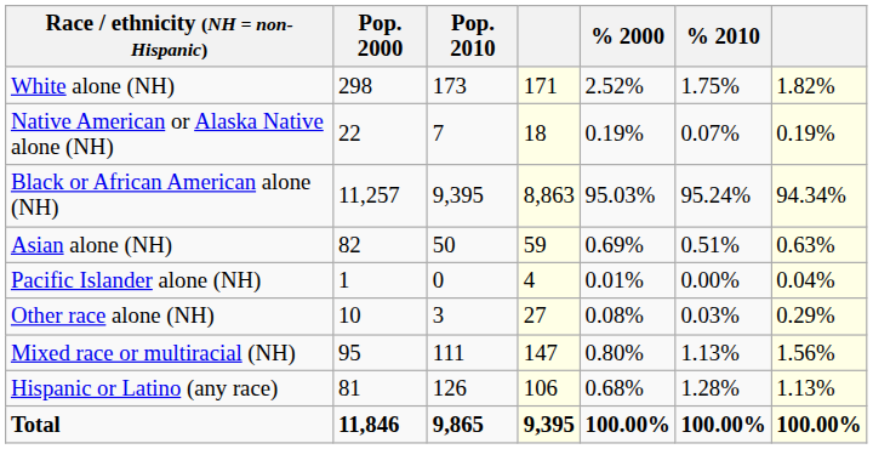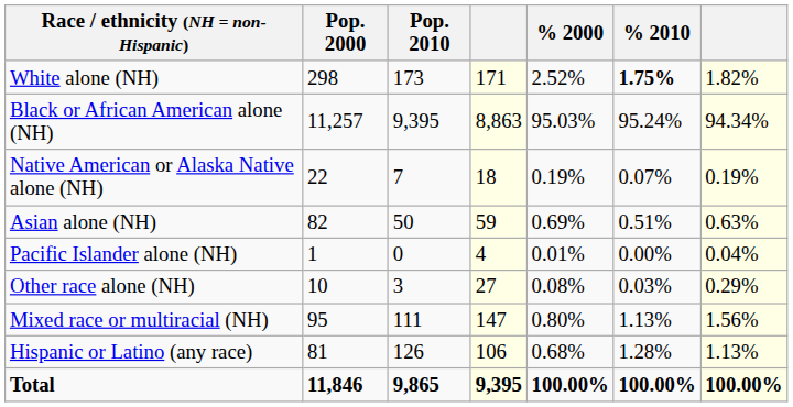 <table class="wikitable">
 <tr>
 <th>Race / ethnicity <small>(<em>NH = non-Hispanic</em>)</small></th>
 <th>Pop. 2000</th>
 <th>Pop. 2010</th>
 <th></th>
 <th>% 2000</th>
 <th>% 2010</th>
 <th></th>
 </tr>
 <tr>
 <td><a href='#'>White</a> alone (NH)</td>
 <td>298</td>
 <td>173</td>
 <td style='background: #ffffe6;'>171</td>
 <td>2.52%</td>
-<td>1.75%</td>
+<td><strong>1.75%</strong></td>
 <td style='background: #ffffe6;'>1.82%</td>
+</tr>
+<tr>
+<td><a href='#'>Black or African American</a> alone (NH)</td>
+<td>11,257</td>
+<td>9,395</td>
+<td style='background: #ffffe6;'>8,863</td>
+<td>95.03%</td>
+<td>95.24%</td>
+<td style='background: #ffffe6;'>94.34%</td>
 </tr>
 <tr>
 <td><a href='#'>Native American</a> or <a href='#'>Alaska Native</a> alone (NH)</td>
 <td>22</td>
 <td>7</td>
 <td style='background: #ffffe6;'>18</td>
 <td>0.19%</td>
 <td>0.07%</td>
 <td style='background: #ffffe6;'>0.19%</td>
-</tr>
-<tr>
-<td><a href='#'>Black or African American</a> alone (NH)</td>
-<td>11,257</td>
-<td>9,395</td>
-<td style='background: #ffffe6;'>8,863</td>
-<td>95.03%</td>
-<td>95.24%</td>
-<td style='background: #ffffe6;'>94.34%</td>
 </tr>
 <tr>
 <td><a href='#'>Asian</a> alone (NH)</td>
 <td>82</td>
 <td>50</td>
 <td style='background: #ffffe6;'>59</td>
 <td>0.69%</td>
 <td>0.51%</td>
 <td style='background: #ffffe6;'>0.63%</td>
 </tr>
 <tr>
 <td><a href='#'>Pacific Islander</a> alone (NH)</td>
 <td>1</td>
 <td>0</td>
 <td style='background: #ffffe6;'>4</td>
 <td>0.01%</td>
 <td>0.00%</td>
 <td style='background: #ffffe6;'>0.04%</td>
 </tr>
 <tr>
 <td><a href='#'>Other race</a> alone (NH)</td>
 <td>10</td>
 <td>3</td>
 <td style='background: #ffffe6;'>27</td>
 <td>0.08%</td>
 <td>0.03%</td>
 <td style='background: #ffffe6;'>0.29%</td>
 </tr>
 <tr>
 <td><a href='#'>Mixed race or multiracial</a> (NH)</td>
 <td>95</td>
 <td>111</td>
 <td style='background: #ffffe6;'>147</td>
 <td>0.80%</td>
 <td>1.13%</td>
 <td style='background: #ffffe6;'>1.56%</td>
 </tr>
 <tr>
 <td><a href='#'>Hispanic or Latino</a> (any race)</td>
 <td>81</td>
 <td>126</td>
 <td style='background: #ffffe6;'>106</td>
 <td>0.68%</td>
 <td>1.28%</td>
 <td style='background: #ffffe6;'>1.13%</td>
 </tr>
 <tr>
 <td><strong>Total</strong></td>
 <td><strong>11,846</strong></td>
 <td><strong>9,865</strong></td>
 <td style='background: #ffffe6;'><strong>9,395</strong></td>
 <td><strong>100.00%</strong></td>
 <td><strong>100.00%</strong></td>
 <td style='background: #ffffe6;'><strong>100.00%</strong></td>
 </tr>
 </table>
